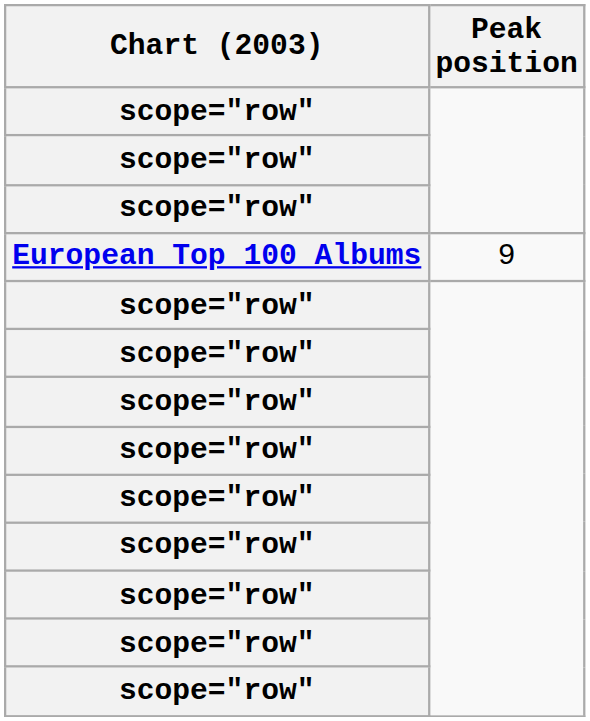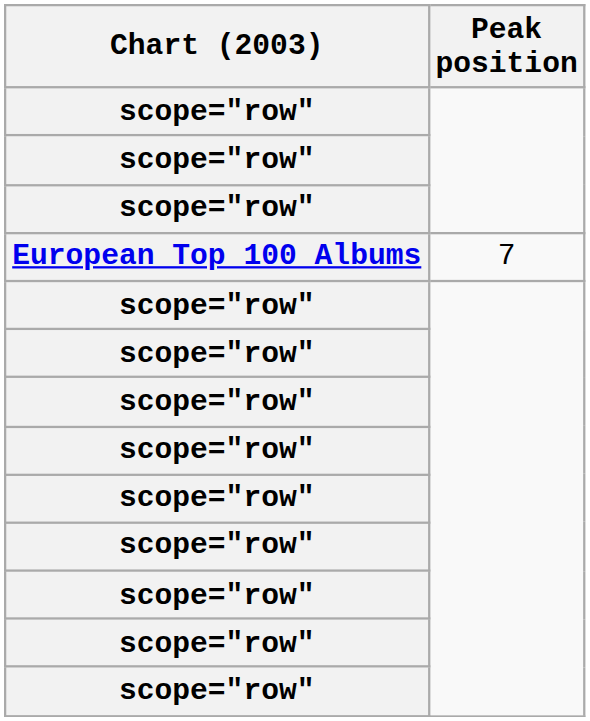 <table class="wikitable plainrowheaders sortable" style="text-align:center;">
 <tr>
 <th scope="col">Chart (2003)</th>
 <th scope="col">Peak<br>position</th>
 </tr>
 <tr>
 <th>scope="row"</th>
 </tr>
 <tr>
 <th>scope="row" </th>
 </tr>
 <tr>
 <th>scope="row" </th>
 </tr>
 <tr>
 <th scope="row"><a href='#'>European Top 100 Albums</a></th>
-<td style="text-align:center;">9</td>
+<td style="text-align:center;">7</td>
 </tr>
 <tr>
 <th>scope="row" </th>
 </tr>
 <tr>
 <th>scope="row" </th>
 </tr>
 <tr>
 <th>scope="row" </th>
 </tr>
 <tr>
 <th>scope="row" </th>
 </tr>
 <tr>
 <th>scope="row" </th>
 </tr>
 <tr>
 <th>scope="row" </th>
 </tr>
 <tr>
 <th>scope="row" </th>
 </tr>
 <tr>
 <th>scope="row" </th>
 </tr>
 <tr>
 <th>scope="row" </th>
 </tr>
 <tr>
 </tr>
 </table>
